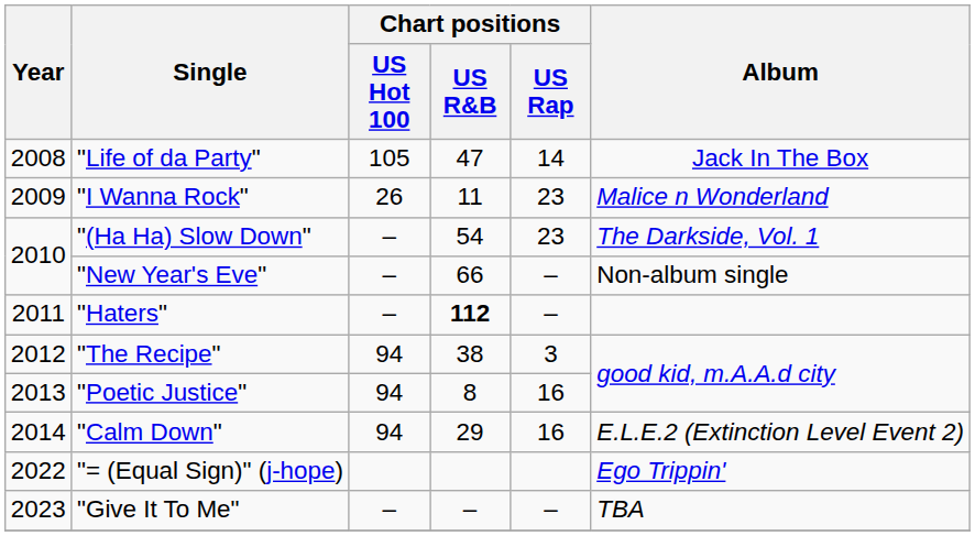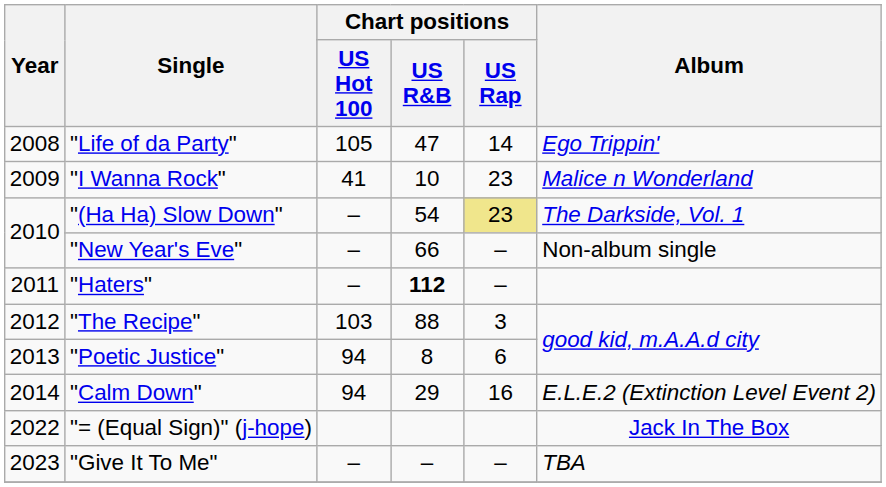 <table class="wikitable" style="text-align:center;">
 <tr>
 <th rowspan="2">Year</th>
 <th rowspan="2">Single</th>
 <th colspan="3">Chart positions</th>
 <th rowspan="2">Album</th>
 </tr>
 <tr style="for t-shirt:smaller;">
 <th width="45"><a href='#'>US Hot 100</a></th>
 <th width="45"><a href='#'>US<br>R&B</a></th>
 <th width="45"><a href='#'>US<br> Rap</a></th>
 </tr>
 <tr>
 <td valign="center" rowspan="1">2008</td>
 <td align="left">"<a href='#'>Life of da Party</a>" </td>
 <td>105</td>
 <td>47</td>
 <td>14</td>
-<td><a href='#'>Jack In The Box</a></td>
+<td align="left" rowspan="1"><em><a href='#'>Ego Trippin'</a></em></td>
 </tr>
 <tr>
 <td valign="center" rowspan="1">2009</td>
 <td align="left">"<a href='#'>I Wanna Rock</a>" </td>
-<td>26</td>
-<td>11</td>
+<td>41</td>
+<td>10</td>
 <td>23</td>
 <td align="left" rowspan="1"><em><a href='#'>Malice n Wonderland</a></em></td>
 </tr>
 <tr>
 <td valign="center" rowspan="2">2010</td>
 <td align="left">"<a href='#'>(Ha Ha) Slow Down</a>" </td>
 <td>–</td>
 <td>54</td>
-<td>23</td>
+<td style="background: khaki;">23</td>
 <td align="left" rowspan="1"><em><a href='#'>The Darkside, Vol. 1</a></em></td>
 </tr>
 <tr>
 <td align="left">"<a href='#'>New Year's Eve</a>" </td>
 <td>–</td>
 <td>66</td>
 <td>–</td>
 <td align="left" rowspan="1">Non-album single</td>
 </tr>
 <tr>
 <td valign="center" rowspan="1">2011</td>
 <td align="left">"<a href='#'>Haters</a>" </td>
 <td>–</td>
 <td><strong>112</strong></td>
 <td>–</td>
 <td align="left" rowspan="1"></td>
 </tr>
 <tr>
 <td valign="center" rowspan="1">2012</td>
 <td align="left">"<a href='#'>The Recipe</a>" </td>
-<td>94</td>
-<td>38</td>
+<td>103</td>
+<td>88</td>
 <td>3</td>
 <td align="left" rowspan="2"><em><a href='#'>good kid, m.A.A.d city</a></em></td>
 </tr>
 <tr>
 <td valign="center" rowspan="1">2013</td>
 <td align="left">"<a href='#'>Poetic Justice</a>" </td>
 <td>94</td>
 <td>8</td>
-<td>16</td>
+<td>6</td>
 </tr>
 <tr>
 <td valign="center" rowspan="1">2014</td>
 <td align="left">"<a href='#'>Calm Down</a>" </td>
 <td>94</td>
 <td>29</td>
 <td>16</td>
 <td align="left" rowspan="1"><em>E.L.E.2 (Extinction Level Event 2)</em></td>
 </tr>
 <tr>
 <td>2022</td>
 <td>"= (Equal Sign)" (<a href='#'>j-hope</a>)</td>
 <td></td>
 <td></td>
 <td></td>
-<td align="left" rowspan="1"><em><a href='#'>Ego Trippin'</a></em></td>
+<td><a href='#'>Jack In The Box</a></td>
 </tr>
 <tr>
 <td valign="center" rowspan="1">2023</td>
 <td align="left">"Give It To Me" </td>
 <td>–</td>
 <td>–</td>
 <td>–</td>
 <td align="left" rowspan="1"><em>TBA</em></td>
 </tr>
 <tr>
 </tr>
 </table>
